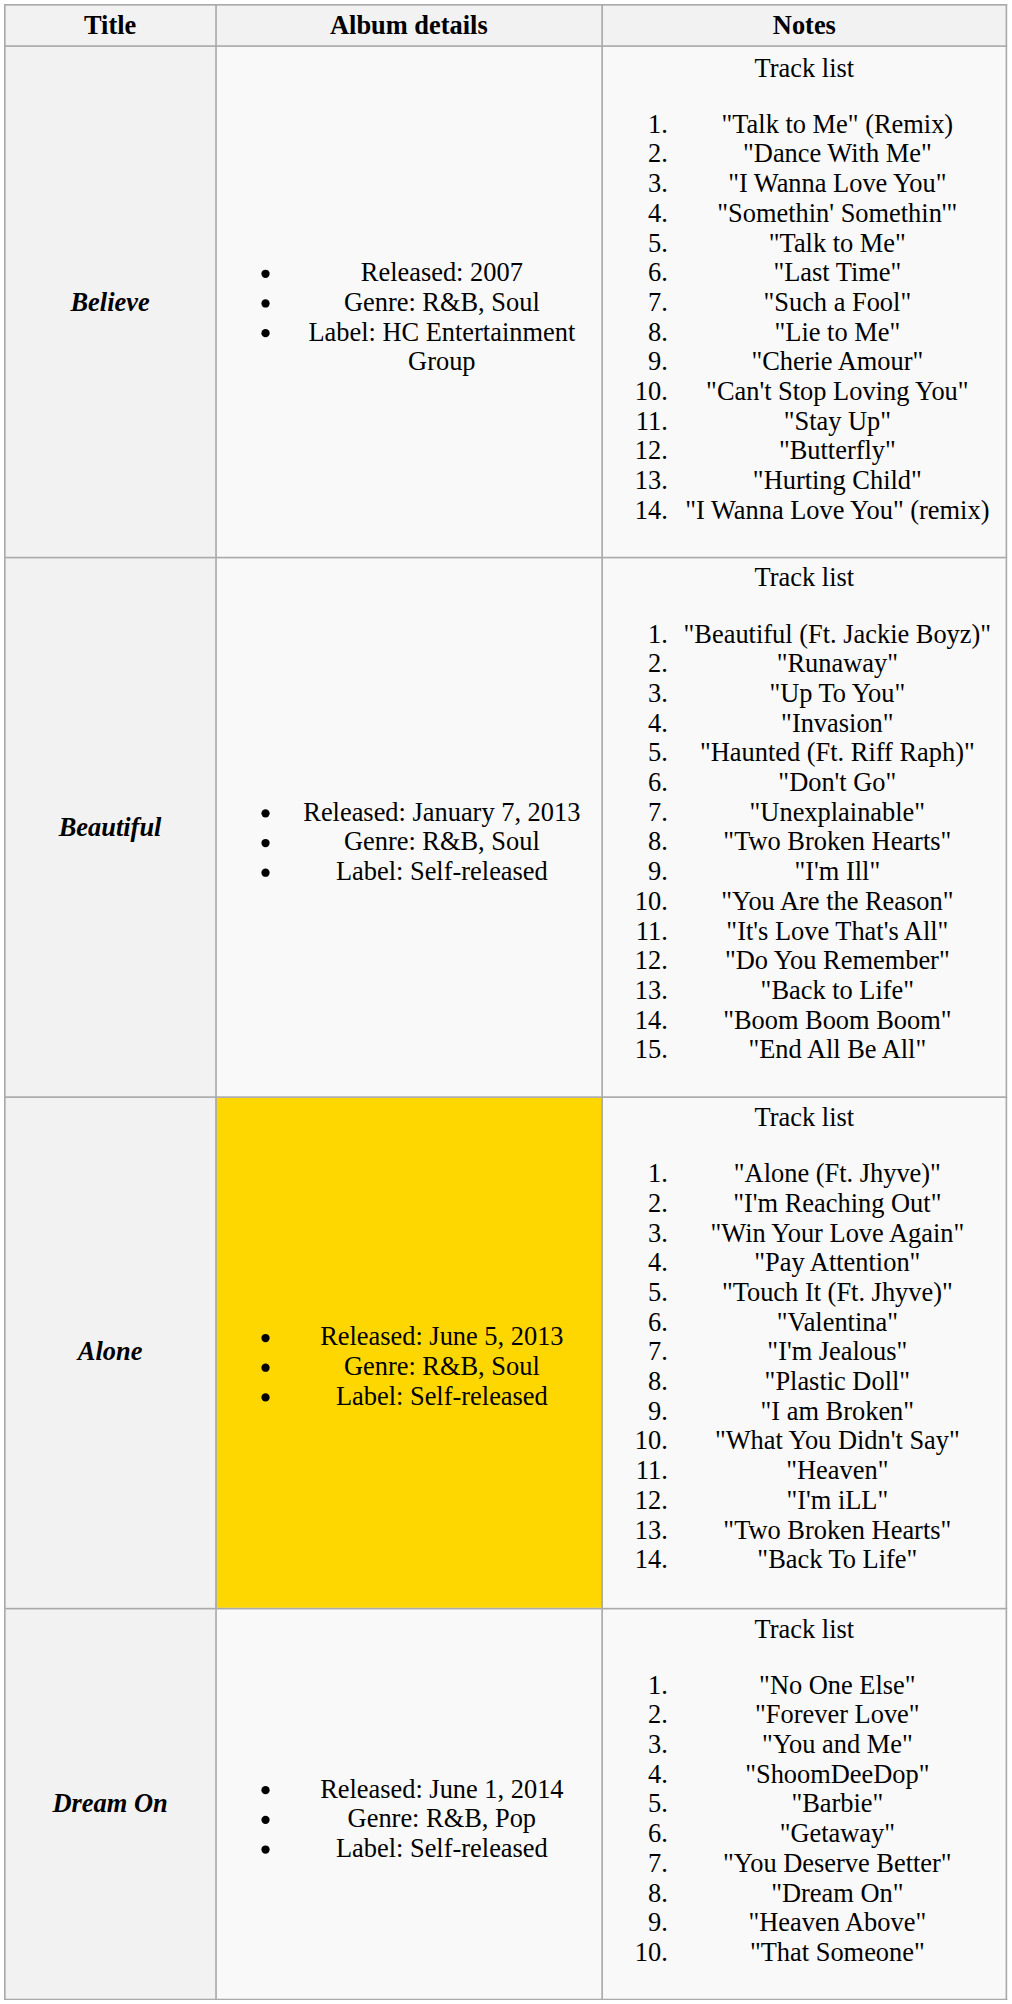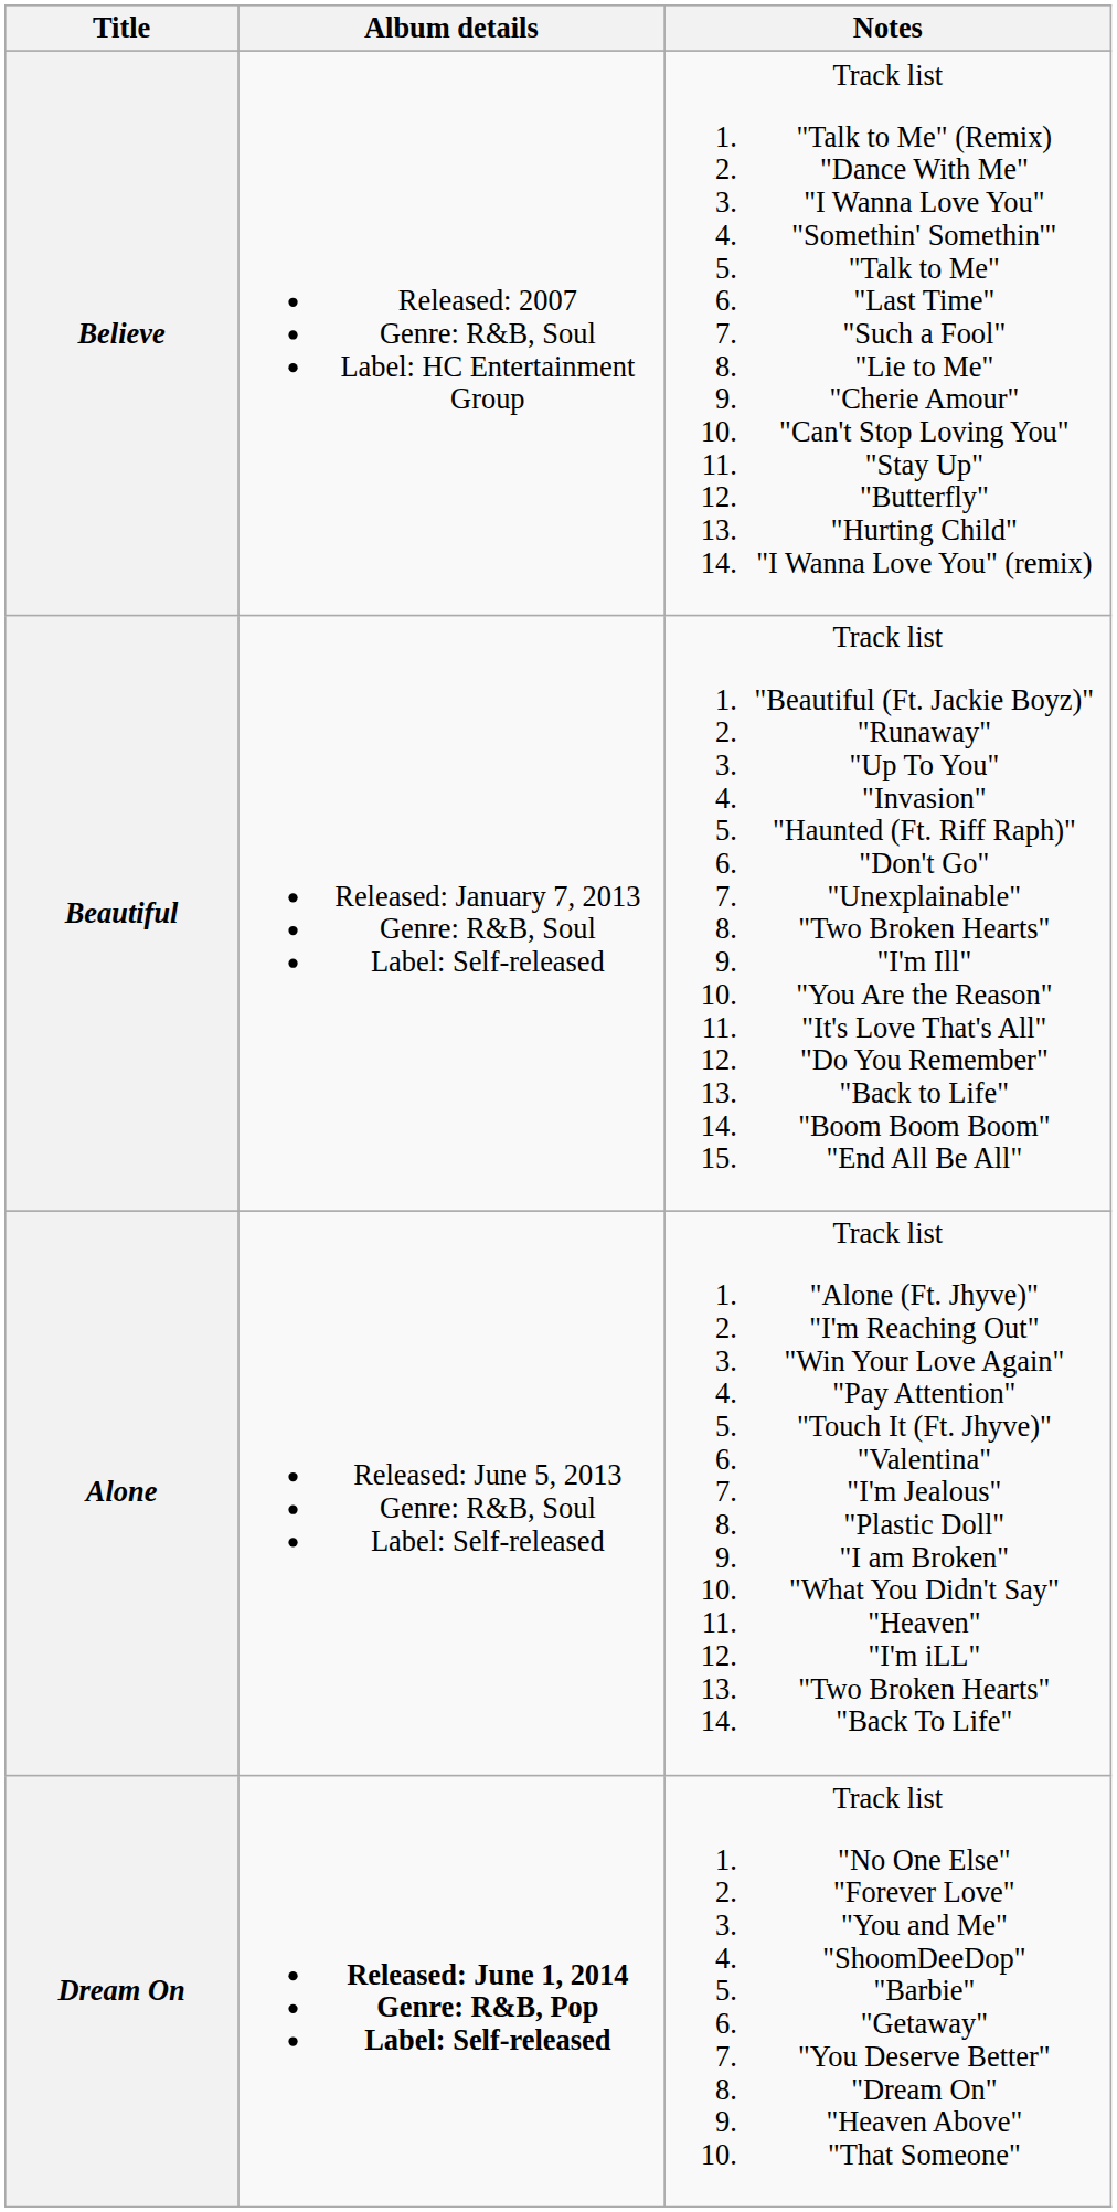 <table class="wikitable" style="text-align:center;">
 <tr>
 <th scope="col" style="width:11em;">Title</th>
 <th scope="col" style="width:20em;">Album details</th>
 <th scope="col" style="width:20em;">Notes</th>
 </tr>
 <tr>
 <th scope="row"><em>Believe</em></th>
 <td><br><ul><li>Released: 2007</li><li>Genre: R&B, Soul</li><li>Label: HC Entertainment Group</li></ul></td>
 <td>Track list<br><ol><li>"Talk to Me" (Remix)</li><li>"Dance With Me"</li><li>"I Wanna Love You"</li><li>"Somethin' Somethin'"</li><li>"Talk to Me"</li><li>"Last Time"</li><li>"Such a Fool"</li><li>"Lie to Me"</li><li>"Cherie Amour"</li><li>"Can't Stop Loving You"</li><li>"Stay Up"</li><li>"Butterfly"</li><li>"Hurting Child"</li><li>"I Wanna Love You" (remix)</li></ol></td>
 </tr>
 <tr>
 <th scope="row"><em>Beautiful</em></th>
 <td><br><ul><li>Released: January 7, 2013</li><li>Genre: R&B, Soul</li><li>Label: Self-released</li></ul></td>
 <td>Track list<br><ol><li>"Beautiful (Ft. Jackie Boyz)"</li><li>"Runaway"</li><li>"Up To You"</li><li>"Invasion"</li><li>"Haunted (Ft. Riff Raph)"</li><li>"Don't Go"</li><li>"Unexplainable"</li><li>"Two Broken Hearts"</li><li>"I'm Ill"</li><li>"You Are the Reason"</li><li>"It's Love That's All"</li><li>"Do You Remember"</li><li>"Back to Life"</li><li>"Boom Boom Boom"</li><li>"End All Be All"</li></ol></td>
 </tr>
 <tr>
 <th scope="row"><em>Alone</em></th>
-<td style="background: gold;"><br><ul><li>Released: June 5, 2013</li><li>Genre: R&B, Soul</li><li>Label: Self-released</li></ul></td>
+<td><br><ul><li>Released: June 5, 2013</li><li>Genre: R&B, Soul</li><li>Label: Self-released</li></ul></td>
 <td>Track list<br><ol><li>"Alone (Ft. Jhyve)"</li><li>"I'm Reaching Out"</li><li>"Win Your Love Again"</li><li>"Pay Attention"</li><li>"Touch It (Ft. Jhyve)"</li><li>"Valentina"</li><li>"I'm Jealous"</li><li>"Plastic Doll"</li><li>"I am Broken"</li><li>"What You Didn't Say"</li><li>"Heaven"</li><li>"I'm iLL"</li><li>"Two Broken Hearts"</li><li>"Back To Life"</li></ol></td>
 </tr>
 <tr>
 <th scope="row"><em>Dream On</em></th>
-<td><br><ul><li>Released: June 1, 2014</li><li>Genre: R&B, Pop</li><li>Label: Self-released</li></ul></td>
+<td><strong><br><ul><li>Released: June 1, 2014</li><li>Genre: R&B, Pop</li><li>Label: Self-released</li></ul></strong></td>
 <td>Track list<br><ol><li>"No One Else"</li><li>"Forever Love"</li><li>"You and Me"</li><li>"ShoomDeeDop"</li><li>"Barbie"</li><li>"Getaway"</li><li>"You Deserve Better"</li><li>"Dream On"</li><li>"Heaven Above"</li><li>"That Someone"</li></ol></td>
 </tr>
 <tr>
 </tr>
 </table>
